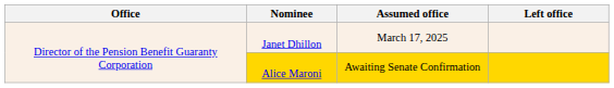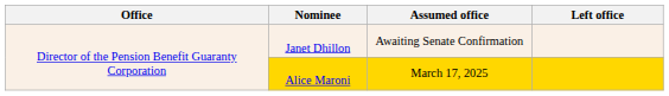 <table class="wikitable sortable" style="text-align:center">
 <tr>
 <th style="width:40%;">Office</th>
 <th style="width:15%;">Nominee</th>
 <th style="width:25%;" data-sort- type="date">Assumed office</th>
 <th style="width:20%;" data-sort- type="date">Left office</th>
 </tr>
 <tr style="background:linen">
 <td rowspan="2"><br><a href='#'>Director of the Pension Benefit Guaranty Corporation</a></td>
 <td><br><a href='#'>Janet Dhillon</a></td>
-<td>March 17, 2025</td>
+<td>Awaiting Senate Confirmation</td>
 <td></td>
 </tr>
 <tr style="background:gold">
 <td><br><a href='#'>Alice Maroni</a></td>
-<td>Awaiting Senate Confirmation</td>
+<td>March 17, 2025</td>
 <td></td>
 </tr>
 </table>
